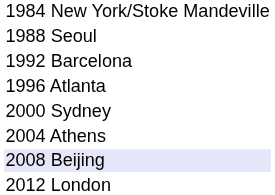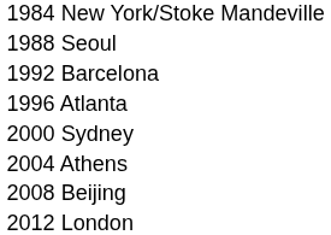 <table>
 <tr>
 <td>1984 New York/Stoke Mandeville<br></td>
 <td></td>
 <td></td>
 <td></td>
 </tr>
 <tr>
 <td>1988 Seoul<br></td>
 <td></td>
 <td></td>
 <td></td>
 </tr>
 <tr>
 <td>1992 Barcelona<br></td>
 <td></td>
 <td></td>
 <td></td>
 </tr>
 <tr>
 <td>1996 Atlanta<br></td>
 <td></td>
 <td></td>
 <td></td>
 </tr>
 <tr>
 <td>2000 Sydney<br></td>
 <td></td>
 <td></td>
 <td></td>
 </tr>
 <tr>
 <td>2004 Athens<br></td>
 <td></td>
 <td></td>
 <td></td>
 </tr>
 <tr>
-<td style="background: lavender;">2008 Beijing<br></td>
+<td>2008 Beijing<br></td>
 <td></td>
 <td></td>
 <td></td>
 </tr>
 <tr>
 <td>2012 London<br></td>
 <td></td>
 <td></td>
 <td></td>
 </tr>
 </table>
